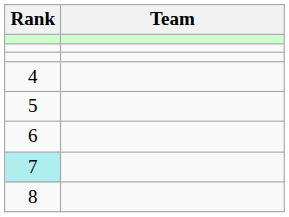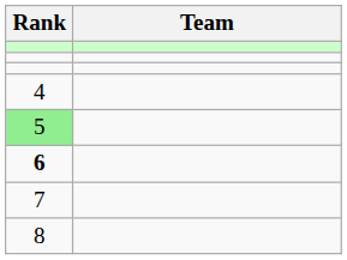 <table class="wikitable" style="text-align: center;">
 <tr>
 <th width=40>Rank</th>
 <th width=180>Team</th>
 </tr>
 <tr style="background-color:#ccffcc;">
 <td></td>
 <td align=left></td>
 </tr>
 <tr>
 <td></td>
 <td align=left></td>
 </tr>
 <tr>
 <td></td>
 <td align=left></td>
 </tr>
 <tr>
 <td>4</td>
 <td align=left></td>
 </tr>
 <tr>
-<td>5</td>
+<td style="background: lightgreen;">5</td>
 <td align=left></td>
 </tr>
 <tr>
-<td>6</td>
+<td><strong>6</strong></td>
 <td align=left></td>
 </tr>
 <tr>
-<td style="background: paleturquoise;">7</td>
+<td>7</td>
 <td align=left></td>
 </tr>
 <tr>
 <td>8</td>
 <td align=left></td>
 </tr>
 </table>
